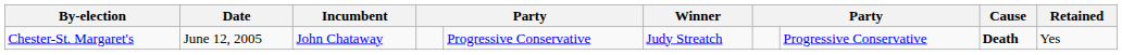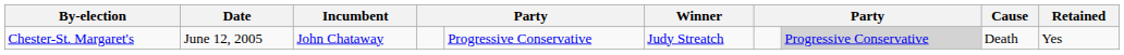 <table class=wikitable style="width:100%">
 <tr>
 <th>By-election</th>
 <th>Date</th>
 <th>Incumbent</th>
 <th colspan=2>Party</th>
 <th>Winner</th>
 <th colspan=2>Party</th>
 <th>Cause</th>
 <th>Retained</th>
 </tr>
 <tr>
 <td><a href='#'>Chester-St. Margaret's</a></td>
 <td>June 12, 2005</td>
 <td><a href='#'>John Chataway</a></td>
 <td>    </td>
 <td><a href='#'>Progressive Conservative</a></td>
 <td><a href='#'>Judy Streatch</a></td>
 <td>    </td>
-<td><a href='#'>Progressive Conservative</a></td>
-<td><strong>Death</strong></td>
+<td style="background: lightgrey;"><a href='#'>Progressive Conservative</a></td>
+<td>Death</td>
 <td>Yes</td>
 </tr>
 </table>
